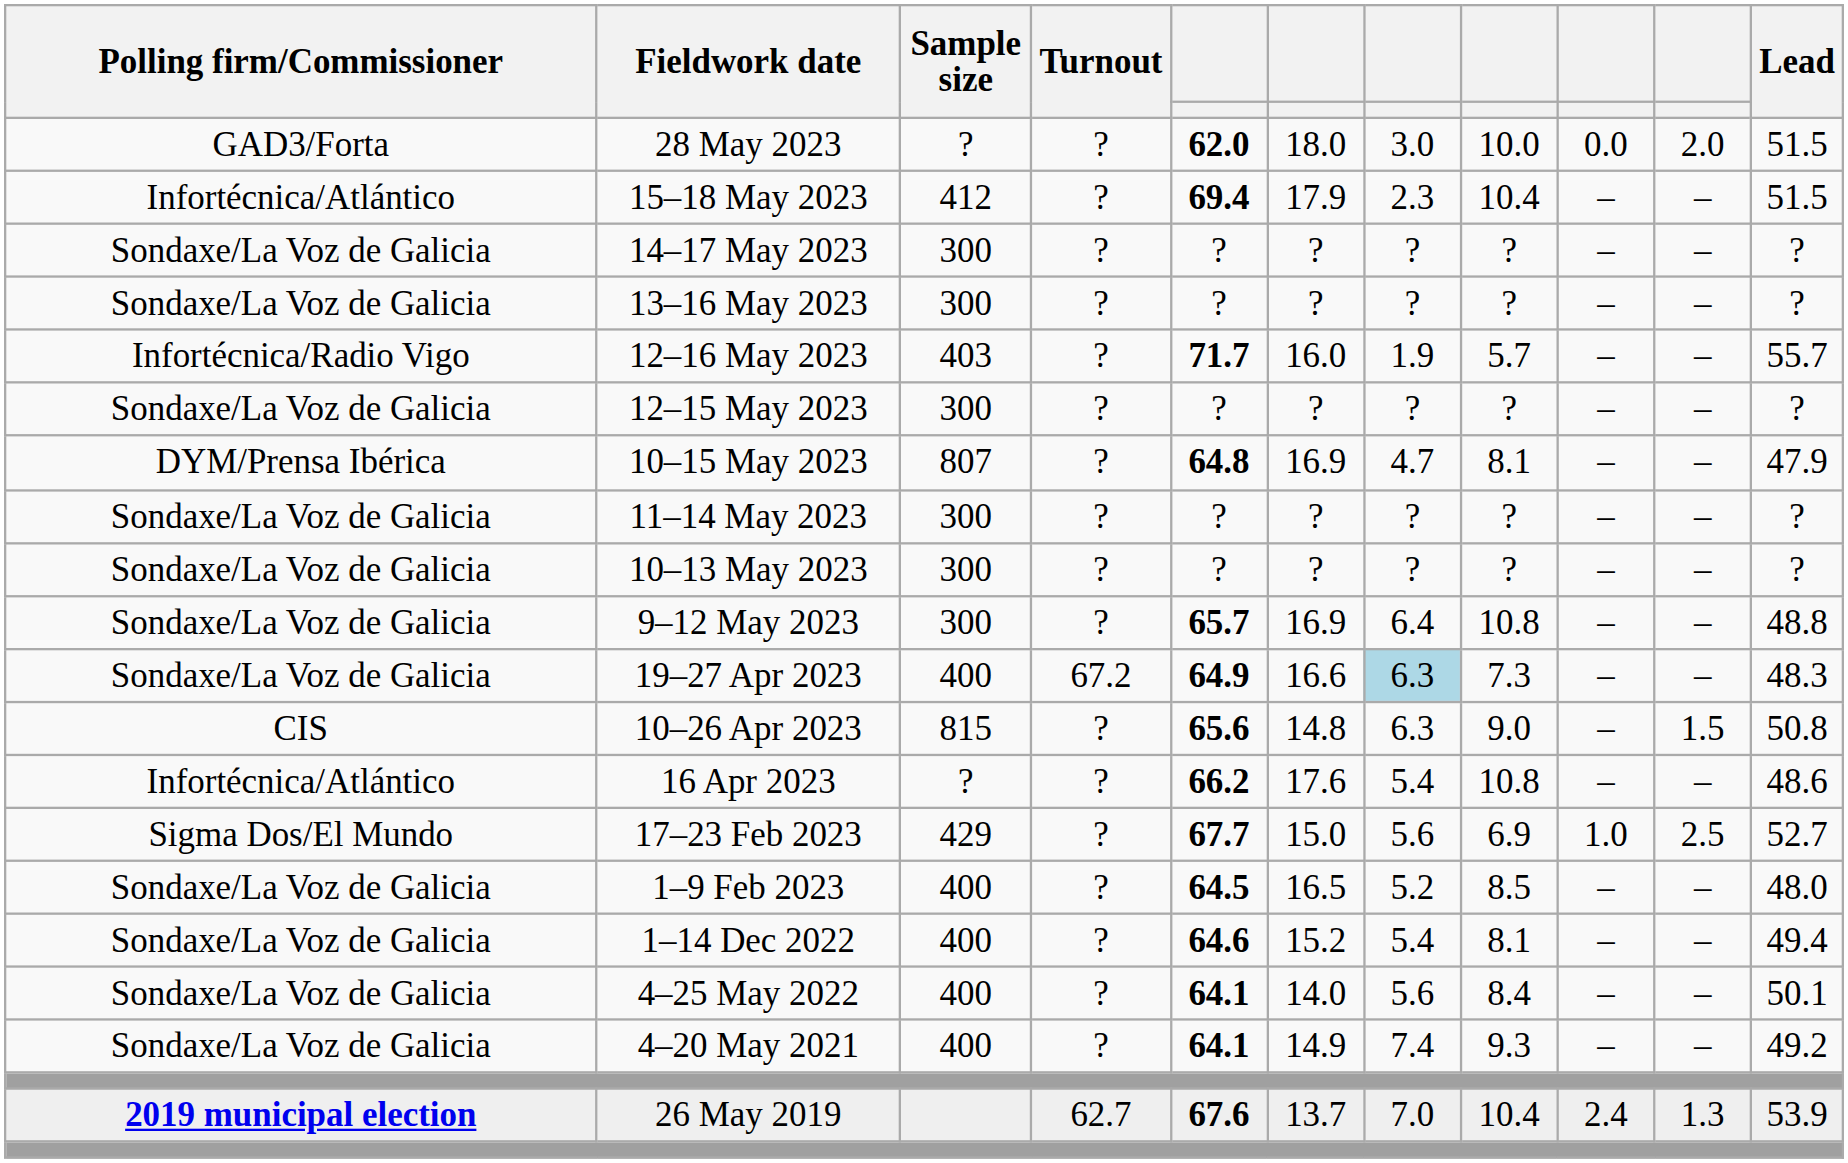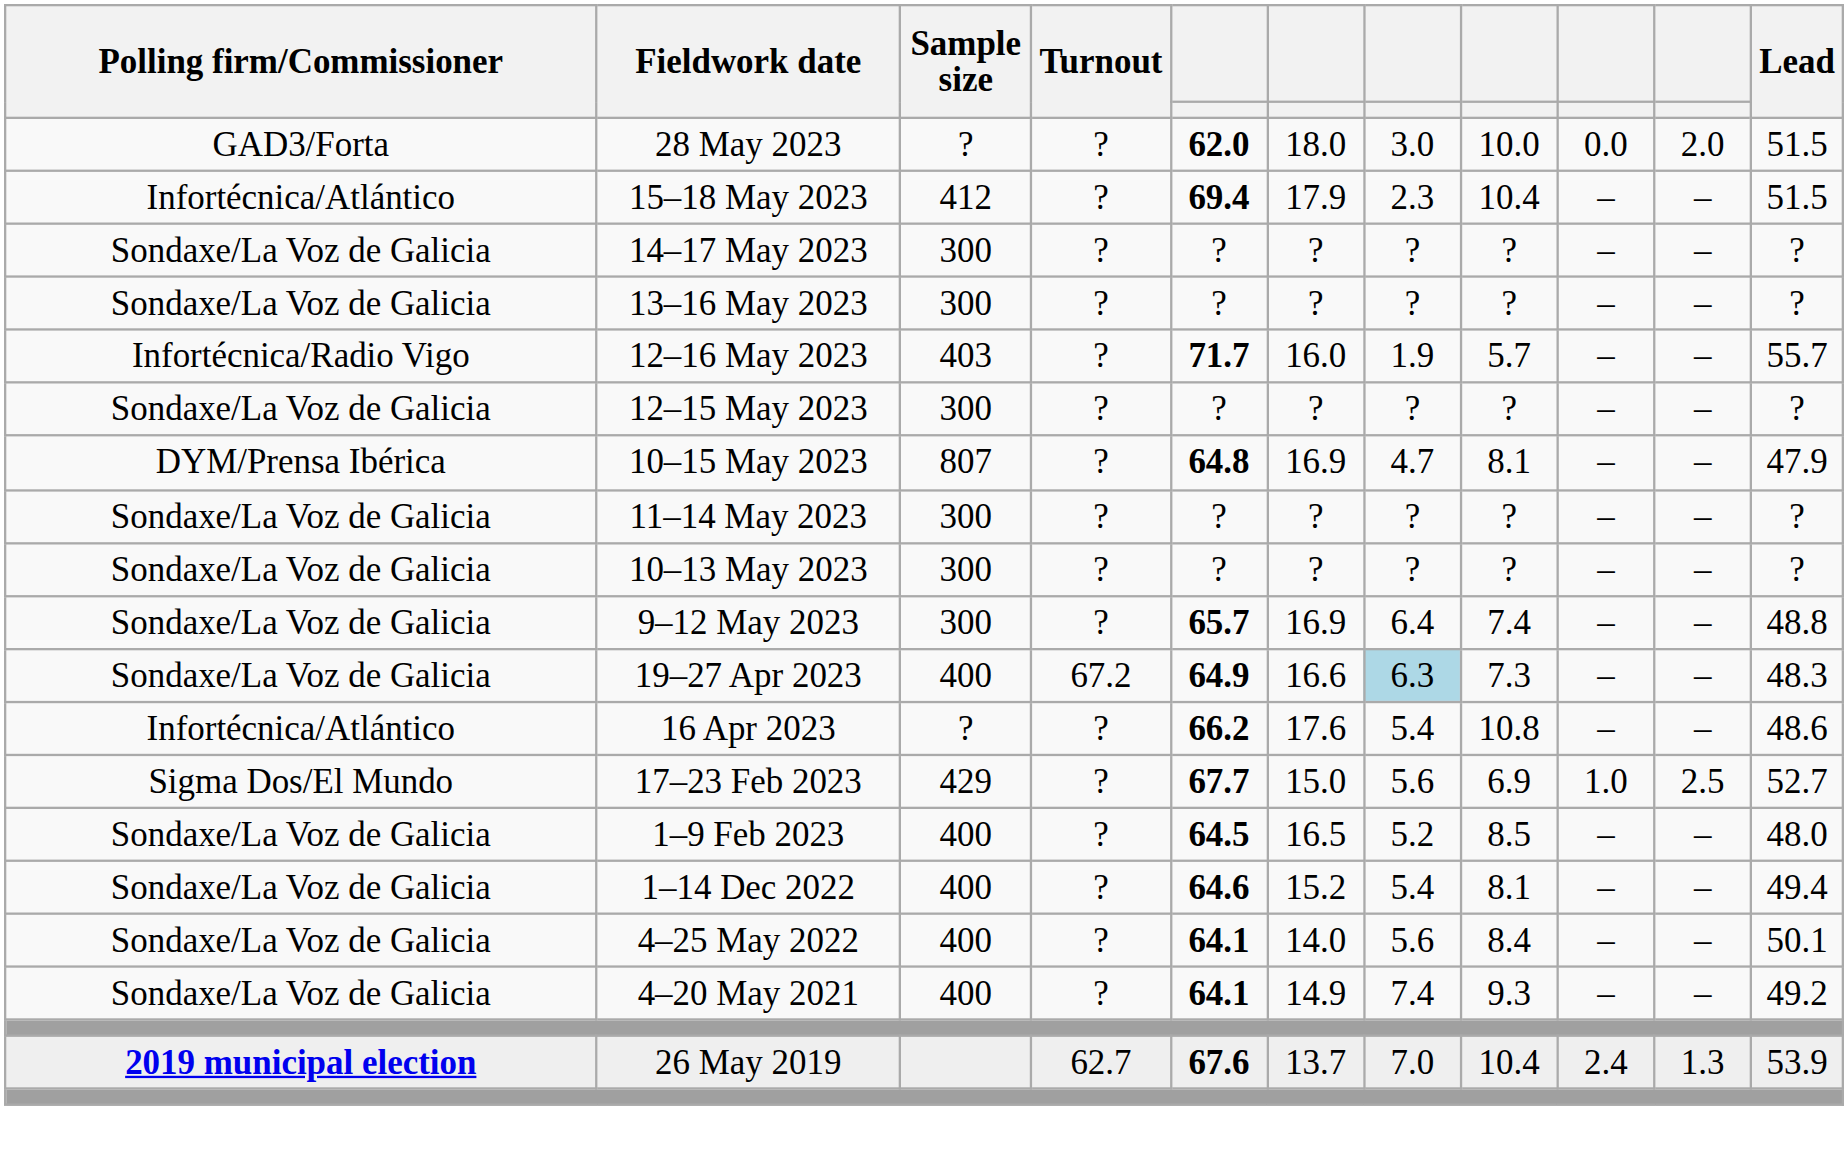 <table class="wikitable collapsible collapsed" style="text-align:center; font-size:95%; line-height:16px;">
 <tr style="height:42px;">
 <th style="width:250px;" rowspan="2">Polling firm/Commissioner</th>
 <th style="width:125px;" rowspan="2">Fieldwork date</th>
 <th style="width:50px;" rowspan="2">Sample size</th>
 <th style="width:45px;" rowspan="2">Turnout</th>
 <th style="width:35px;"></th>
 <th style="width:35px;"></th>
 <th style="width:35px;"></th>
 <th style="width:35px;"></th>
 <th style="width:35px;"></th>
 <th style="width:35px;"></th>
 <th style="width:30px;" rowspan="2">Lead</th>
 </tr>
 <tr>
 <th style="color:inherit;background:"></th>
 <th style="color:inherit;background:"></th>
 <th style="color:inherit;background:"></th>
 <th style="color:inherit;background:"></th>
 <th style="color:inherit;background:"></th>
 <th style="color:inherit;background:"></th>
 </tr>
 <tr>
 <td>GAD3/Forta</td>
 <td>28 May 2023</td>
 <td>?</td>
 <td>?</td>
 <td><strong>62.0</strong><br></td>
 <td>18.0<br></td>
 <td>3.0<br></td>
 <td>10.0<br></td>
 <td>0.0 <br></td>
 <td>2.0 <br></td>
 <td style="background:">51.5</td>
 </tr>
 <tr>
 <td>Infortécnica/Atlántico</td>
 <td>15–18 May 2023</td>
 <td>412</td>
 <td>?</td>
 <td><strong>69.4</strong><br></td>
 <td>17.9<br></td>
 <td>2.3<br></td>
 <td>10.4<br></td>
 <td>–</td>
 <td>–</td>
 <td style="background:">51.5</td>
 </tr>
 <tr>
 <td>Sondaxe/La Voz de Galicia</td>
 <td>14–17 May 2023</td>
 <td>300</td>
 <td>?</td>
 <td>?<br></td>
 <td>?<br></td>
 <td>?<br></td>
 <td>?<br></td>
 <td>–</td>
 <td>–</td>
 <td style="background:">?</td>
 </tr>
 <tr>
 <td>Sondaxe/La Voz de Galicia</td>
 <td>13–16 May 2023</td>
 <td>300</td>
 <td>?</td>
 <td>?<br></td>
 <td>?<br></td>
 <td>?<br></td>
 <td>?<br></td>
 <td>–</td>
 <td>–</td>
 <td style="background:">?</td>
 </tr>
 <tr>
 <td>Infortécnica/Radio Vigo</td>
 <td>12–16 May 2023</td>
 <td>403</td>
 <td>?</td>
 <td><strong>71.7</strong><br></td>
 <td>16.0<br></td>
 <td>1.9<br></td>
 <td>5.7<br></td>
 <td>–</td>
 <td>–</td>
 <td style="background:">55.7</td>
 </tr>
 <tr>
 <td>Sondaxe/La Voz de Galicia</td>
 <td>12–15 May 2023</td>
 <td>300</td>
 <td>?</td>
 <td>?<br></td>
 <td>?<br></td>
 <td>?<br></td>
 <td>?<br></td>
 <td>–</td>
 <td>–</td>
 <td style="background:">?</td>
 </tr>
 <tr>
 <td>DYM/Prensa Ibérica</td>
 <td>10–15 May 2023</td>
 <td>807</td>
 <td>?</td>
 <td><strong>64.8</strong><br></td>
 <td>16.9<br></td>
 <td>4.7<br></td>
 <td>8.1<br></td>
 <td>–</td>
 <td>–</td>
 <td style="background:">47.9</td>
 </tr>
 <tr>
 <td>Sondaxe/La Voz de Galicia</td>
 <td>11–14 May 2023</td>
 <td>300</td>
 <td>?</td>
 <td>?<br></td>
 <td>?<br></td>
 <td>?<br></td>
 <td>?<br></td>
 <td>–</td>
 <td>–</td>
 <td style="background:">?</td>
 </tr>
 <tr>
 <td>Sondaxe/La Voz de Galicia</td>
 <td>10–13 May 2023</td>
 <td>300</td>
 <td>?</td>
 <td>?<br></td>
 <td>?<br></td>
 <td>?<br></td>
 <td>?<br></td>
 <td>–</td>
 <td>–</td>
 <td style="background:">?</td>
 </tr>
 <tr>
 <td>Sondaxe/La Voz de Galicia</td>
 <td>9–12 May 2023</td>
 <td>300</td>
 <td>?</td>
 <td><strong>65.7</strong><br></td>
 <td>16.9<br></td>
 <td>6.4<br></td>
-<td>10.8<br></td>
+<td>7.4<br></td>
 <td>–</td>
 <td>–</td>
 <td style="background:">48.8</td>
 </tr>
 <tr>
 <td>Sondaxe/La Voz de Galicia</td>
 <td>19–27 Apr 2023</td>
 <td>400</td>
 <td>67.2</td>
 <td><strong>64.9</strong><br></td>
 <td>16.6<br></td>
 <td style="background: lightblue;">6.3<br></td>
 <td>7.3<br></td>
 <td>–</td>
 <td>–</td>
 <td style="background:">48.3</td>
-</tr>
-<tr>
-<td>CIS</td>
-<td>10–26 Apr 2023</td>
-<td>815</td>
-<td>?</td>
-<td><strong>65.6</strong><br></td>
-<td>14.8<br></td>
-<td>6.3<br></td>
-<td>9.0<br></td>
-<td>–</td>
-<td>1.5<br></td>
-<td style="background:">50.8</td>
 </tr>
 <tr>
 <td>Infortécnica/Atlántico</td>
 <td>16 Apr 2023</td>
 <td>?</td>
 <td>?</td>
 <td><strong>66.2</strong><br></td>
 <td>17.6<br></td>
 <td>5.4<br></td>
 <td>10.8<br></td>
 <td>–</td>
 <td>–</td>
 <td style="background:">48.6</td>
 </tr>
 <tr>
 <td>Sigma Dos/El Mundo</td>
 <td>17–23 Feb 2023</td>
 <td>429</td>
 <td>?</td>
 <td><strong>67.7</strong><br></td>
 <td>15.0<br></td>
 <td>5.6<br></td>
 <td>6.9<br></td>
 <td>1.0<br></td>
 <td>2.5<br></td>
 <td style="background:">52.7</td>
 </tr>
 <tr>
 <td>Sondaxe/La Voz de Galicia</td>
 <td>1–9 Feb 2023</td>
 <td>400</td>
 <td>?</td>
 <td><strong>64.5</strong><br></td>
 <td>16.5<br></td>
 <td>5.2<br></td>
 <td>8.5<br></td>
 <td>–</td>
 <td>–</td>
 <td style="background:">48.0</td>
 </tr>
 <tr>
 <td>Sondaxe/La Voz de Galicia</td>
 <td>1–14 Dec 2022</td>
 <td>400</td>
 <td>?</td>
 <td><strong>64.6</strong><br></td>
 <td>15.2<br></td>
 <td>5.4<br></td>
 <td>8.1<br></td>
 <td>–</td>
 <td>–</td>
 <td style="background:">49.4</td>
 </tr>
 <tr>
 <td>Sondaxe/La Voz de Galicia</td>
 <td>4–25 May 2022</td>
 <td>400</td>
 <td>?</td>
 <td><strong>64.1</strong><br></td>
 <td>14.0<br></td>
 <td>5.6<br></td>
 <td>8.4<br></td>
 <td>–</td>
 <td>–</td>
 <td style="background:">50.1</td>
 </tr>
 <tr>
 <td>Sondaxe/La Voz de Galicia</td>
 <td>4–20 May 2021</td>
 <td>400</td>
 <td>?</td>
 <td><strong>64.1</strong><br></td>
 <td>14.9<br></td>
 <td>7.4<br></td>
 <td>9.3<br></td>
 <td>–</td>
 <td>–</td>
 <td style="background:">49.2</td>
 </tr>
 <tr>
 <td colspan="11" style="background:#A0A0A0"></td>
 </tr>
 <tr style="background:#EFEFEF;">
 <td><strong><a href='#'>2019 municipal election</a></strong></td>
 <td>26 May 2019</td>
 <td></td>
 <td>62.7</td>
 <td><strong>67.6</strong><br></td>
 <td>13.7<br></td>
 <td>7.0<br></td>
 <td>10.4<br></td>
 <td>2.4<br></td>
 <td>1.3<br></td>
 <td style="background:">53.9</td>
 </tr>
 <tr>
 <td colspan="11" style="background:#A0A0A0"></td>
 </tr>
 </table>
